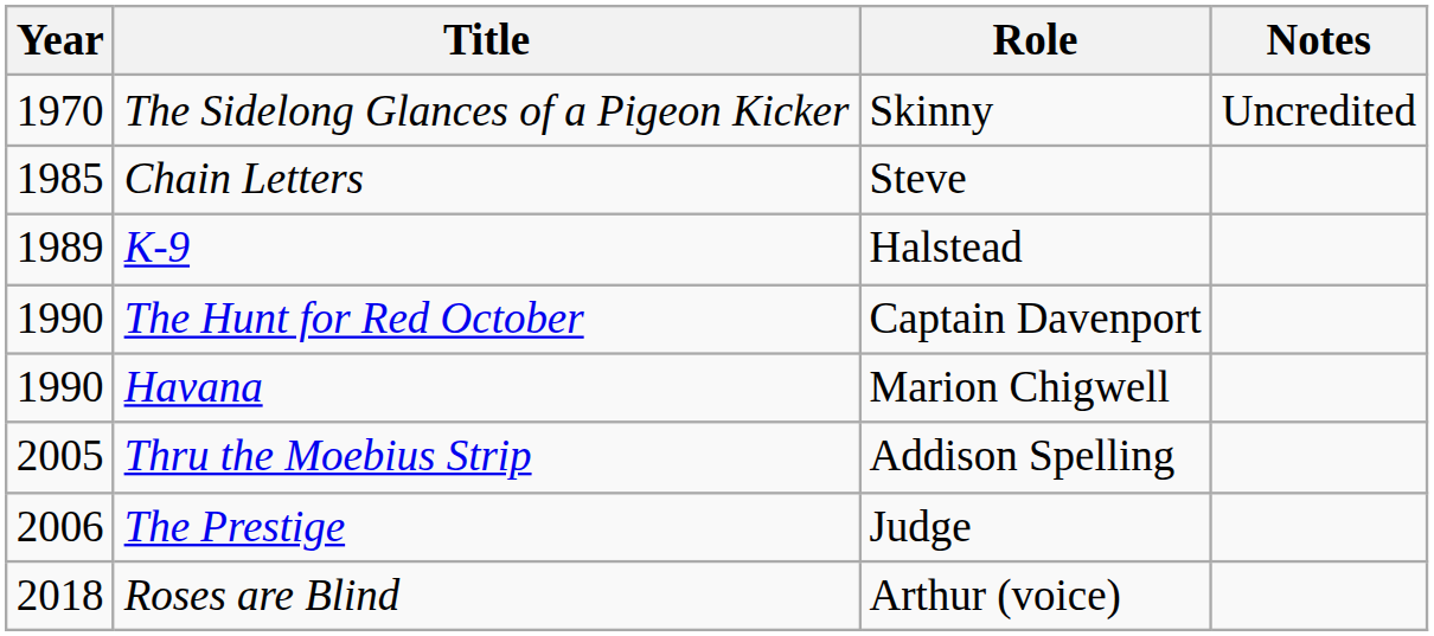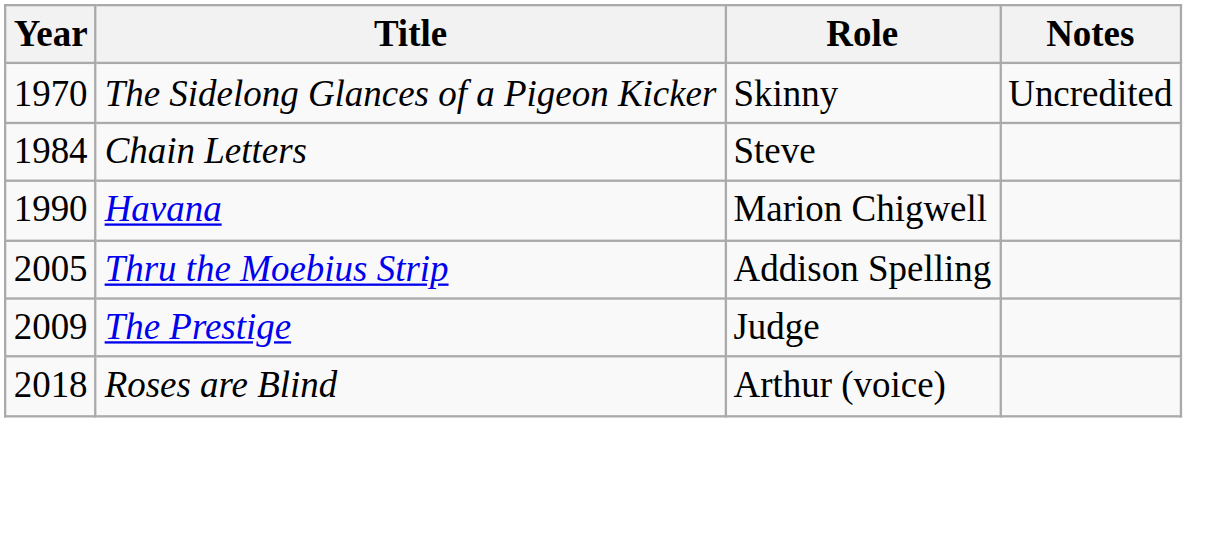 <table class="wikitable sortable">
 <tr>
 <th>Year</th>
 <th>Title</th>
 <th>Role</th>
 <th class="unsortable">Notes</th>
 </tr>
 <tr>
 <td>1970</td>
 <td><em>The Sidelong Glances of a Pigeon Kicker</em></td>
 <td>Skinny</td>
 <td>Uncredited</td>
 </tr>
 <tr>
-<td>1985</td>
+<td>1984</td>
 <td><em> Chain Letters</em></td>
 <td>Steve</td>
-<td></td>
-</tr>
-<tr>
-<td>1989</td>
-<td><em><a href='#'>K-9</a></em></td>
-<td>Halstead</td>
-<td></td>
-</tr>
-<tr>
-<td>1990</td>
-<td><em><a href='#'>The Hunt for Red October</a></em></td>
-<td>Captain Davenport</td>
 <td></td>
 </tr>
 <tr>
 <td>1990</td>
 <td><em><a href='#'>Havana</a></em></td>
 <td>Marion Chigwell</td>
 </tr>
 <tr>
 <td>2005</td>
 <td><em><a href='#'>Thru the Moebius Strip</a></em></td>
 <td>Addison Spelling</td>
 <td></td>
 </tr>
 <tr>
-<td>2006</td>
+<td>2009</td>
 <td><em> <a href='#'>The Prestige</a></em></td>
 <td>Judge</td>
 <td></td>
 </tr>
 <tr>
 <td>2018</td>
 <td><em>Roses are Blind</em></td>
 <td>Arthur (voice)</td>
 <td></td>
 </tr>
 </table>
